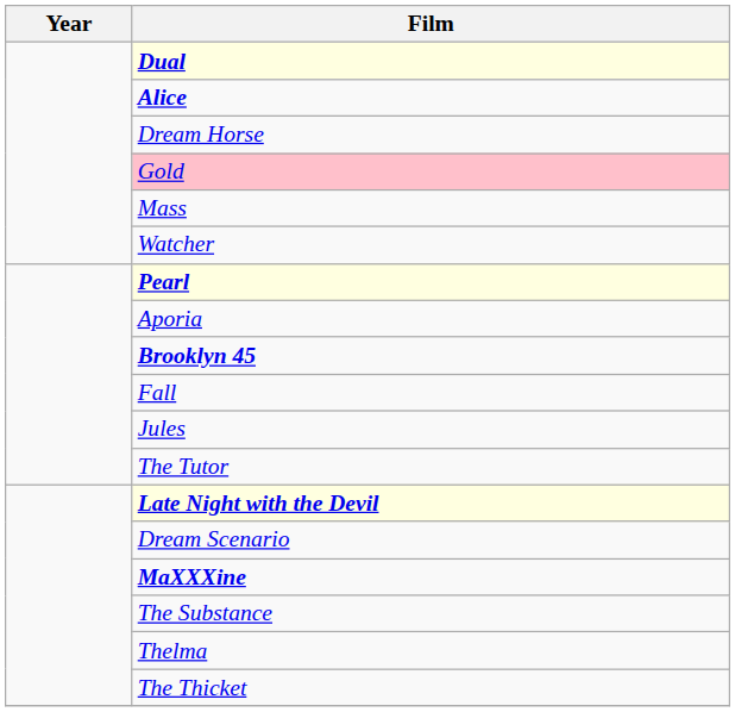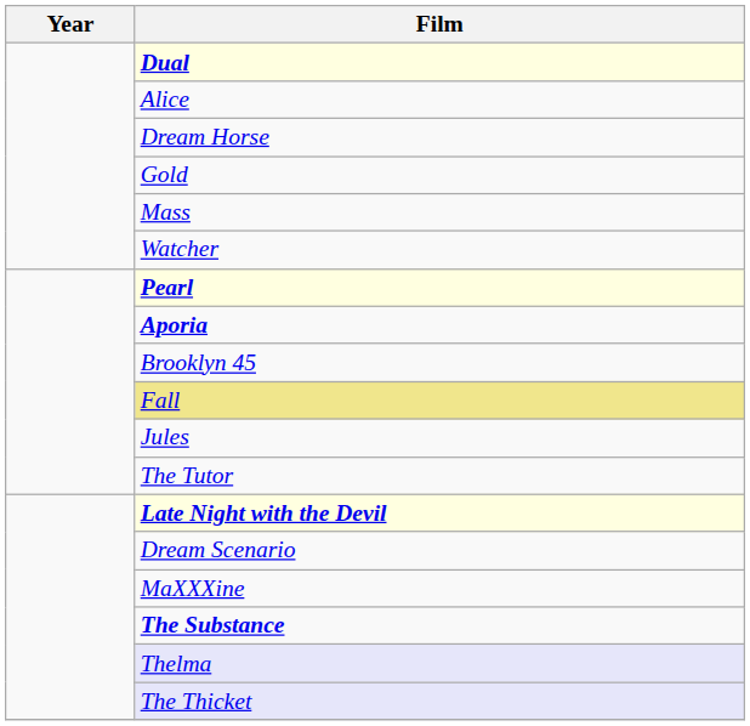 <table width="500" align="centre" class="wikitable">
 <tr>
 <th width="80">Year</th>
 <th>Film</th>
 </tr>
 <tr>
 <td rowspan=6></td>
 <td style="background:lightyellow"><strong><em><a href='#'>Dual</a></em></strong></td>
 </tr>
 <tr>
-<td><strong><em><a href='#'>Alice</a></em></strong></td>
+<td><em><a href='#'>Alice</a></em></td>
 </tr>
 <tr>
 <td><em><a href='#'>Dream Horse</a></em></td>
 </tr>
 <tr>
-<td style="background: pink;"><em><a href='#'>Gold</a></em></td>
+<td><em><a href='#'>Gold</a></em></td>
 </tr>
 <tr>
 <td><em><a href='#'>Mass</a></em></td>
 </tr>
 <tr>
 <td><em><a href='#'>Watcher</a></em></td>
 </tr>
 <tr>
 <td rowspan=6></td>
 <td style="background:lightyellow"><strong><em><a href='#'>Pearl</a></em></strong></td>
 </tr>
 <tr>
-<td><em><a href='#'>Aporia</a></em></td>
+<td><strong><em><a href='#'>Aporia</a></em></strong></td>
 </tr>
 <tr>
-<td><strong><em><a href='#'>Brooklyn 45</a></em></strong></td>
+<td><em><a href='#'>Brooklyn 45</a></em></td>
 </tr>
 <tr>
-<td><em><a href='#'>Fall</a></em></td>
+<td style="background: khaki;"><em><a href='#'>Fall</a></em></td>
 </tr>
 <tr>
 <td><em><a href='#'>Jules</a></em></td>
 </tr>
 <tr>
 <td><em><a href='#'>The Tutor</a></em></td>
 </tr>
 <tr>
 <td rowspan="6"></td>
 <td style="background:lightyellow"><strong><em><a href='#'>Late Night with the Devil</a></em></strong></td>
 </tr>
 <tr>
 <td><em><a href='#'>Dream Scenario</a></em></td>
 </tr>
 <tr>
-<td><strong><em><a href='#'>MaXXXine</a></em></strong></td>
+<td><em><a href='#'>MaXXXine</a></em></td>
 </tr>
 <tr>
-<td><em><a href='#'>The Substance</a></em></td>
+<td><strong><em><a href='#'>The Substance</a></em></strong></td>
 </tr>
 <tr>
-<td><em><a href='#'>Thelma</a></em></td>
+<td style="background: lavender;"><em><a href='#'>Thelma</a></em></td>
 </tr>
 <tr>
-<td><em><a href='#'>The Thicket</a></em></td>
+<td style="background: lavender;"><em><a href='#'>The Thicket</a></em></td>
 </tr>
 <tr>
 </tr>
 </table>
